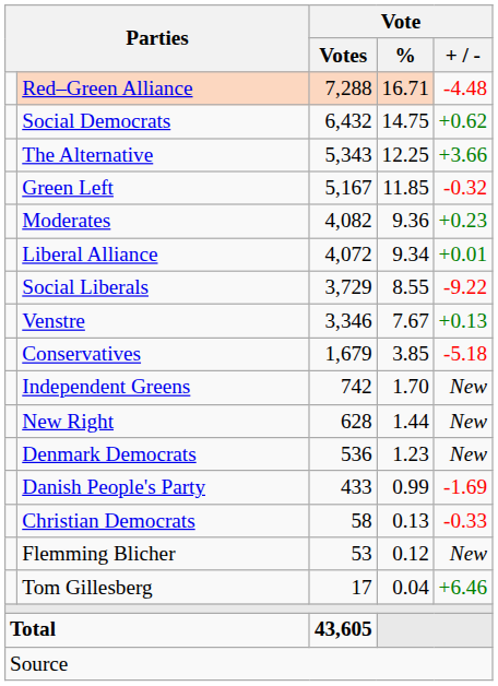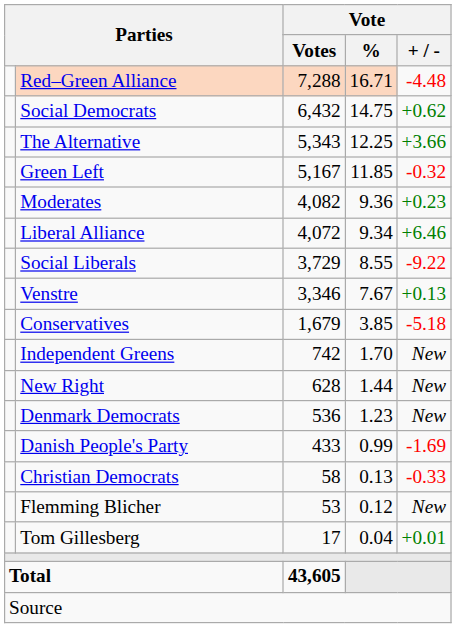 <table class="wikitable" style="text-align:right;">
 <tr>
 <th style="text-align:centre;" rowspan="2" colspan="2" width="225">Parties</th>
 <th colspan="3">Vote</th>
 </tr>
 <tr>
 <th width="15">Votes</th>
 <th width="15">%</th>
 <th width="15">+ / -</th>
 </tr>
 <tr>
 <td width="2" style="color:inherit;background:"></td>
 <td bgcolor=#fcd7c0  align="left"><a href='#'>Red–Green Alliance</a></td>
 <td bgcolor=#fcd7c0>7,288</td>
 <td bgcolor=#fcd7c0>16.71</td>
 <td style=color:red;>-4.48</td>
 </tr>
 <tr>
 <td width="2" style="color:inherit;background:"></td>
 <td align="left"><a href='#'>Social Democrats</a></td>
 <td>6,432</td>
 <td>14.75</td>
 <td style=color:green;>+0.62</td>
 </tr>
 <tr>
 <td width="2" style="color:inherit;background:"></td>
 <td align="left"><a href='#'>The Alternative</a></td>
 <td>5,343</td>
 <td>12.25</td>
 <td style=color:green;>+3.66</td>
 </tr>
 <tr>
 <td width="2" style="color:inherit;background:"></td>
 <td align="left"><a href='#'>Green Left</a></td>
 <td>5,167</td>
 <td>11.85</td>
 <td style=color:red;>-0.32</td>
 </tr>
 <tr>
 <td width="2" style="color:inherit;background:"></td>
 <td align="left"><a href='#'>Moderates</a></td>
 <td>4,082</td>
 <td>9.36</td>
 <td style=color:green;>+0.23</td>
 </tr>
 <tr>
 <td width="2" style="color:inherit;background:"></td>
 <td align="left"><a href='#'>Liberal Alliance</a></td>
 <td>4,072</td>
 <td>9.34</td>
-<td style=color:green;>+0.01</td>
+<td style=color:green;>+6.46</td>
 </tr>
 <tr>
 <td width="2" style="color:inherit;background:"></td>
 <td align="left"><a href='#'>Social Liberals</a></td>
 <td>3,729</td>
 <td>8.55</td>
 <td style=color:red;>-9.22</td>
 </tr>
 <tr>
 <td width="2" style="color:inherit;background:"></td>
 <td align="left"><a href='#'>Venstre</a></td>
 <td>3,346</td>
 <td>7.67</td>
 <td style=color:green;>+0.13</td>
 </tr>
 <tr>
 <td width="2" style="color:inherit;background:"></td>
 <td align="left"><a href='#'>Conservatives</a></td>
 <td>1,679</td>
 <td>3.85</td>
 <td style=color:red;>-5.18</td>
 </tr>
 <tr>
 <td width="2" style="color:inherit;background:"></td>
 <td align="left"><a href='#'>Independent Greens</a></td>
 <td>742</td>
 <td>1.70</td>
 <td><em>New</em></td>
 </tr>
 <tr>
 <td width="2" style="color:inherit;background:"></td>
 <td align="left"><a href='#'>New Right</a></td>
 <td>628</td>
 <td>1.44</td>
 <td><em>New</em></td>
 </tr>
 <tr>
 <td width="2" style="color:inherit;background:"></td>
 <td align="left"><a href='#'>Denmark Democrats</a></td>
 <td>536</td>
 <td>1.23</td>
 <td><em>New</em></td>
 </tr>
 <tr>
 <td width="2" style="color:inherit;background:"></td>
 <td align="left"><a href='#'>Danish People's Party</a></td>
 <td>433</td>
 <td>0.99</td>
 <td style=color:red;>-1.69</td>
 </tr>
 <tr>
 <td width="2" style="color:inherit;background:"></td>
 <td align="left"><a href='#'>Christian Democrats</a></td>
 <td>58</td>
 <td>0.13</td>
 <td style=color:red;>-0.33</td>
 </tr>
 <tr>
 <td width="2" style="color:inherit;background:"></td>
 <td align="left">Flemming Blicher</td>
 <td>53</td>
 <td>0.12</td>
 <td><em>New</em></td>
 </tr>
 <tr>
 <td width="2" style="color:inherit;background:"></td>
 <td align="left">Tom Gillesberg</td>
 <td>17</td>
 <td>0.04</td>
-<td style=color:green;>+6.46</td>
+<td style=color:green;>+0.01</td>
 </tr>
 <tr>
 <td colspan="7" bgcolor="#E9E9E9"></td>
 </tr>
 <tr>
 <td align="left" colspan="2"><strong>Total</strong></td>
 <td><strong>43,605</strong></td>
 <td bgcolor="#E9E9E9" colspan="2"></td>
 </tr>
 <tr>
 <td align="left" colspan="6">Source</td>
 </tr>
 </table>
